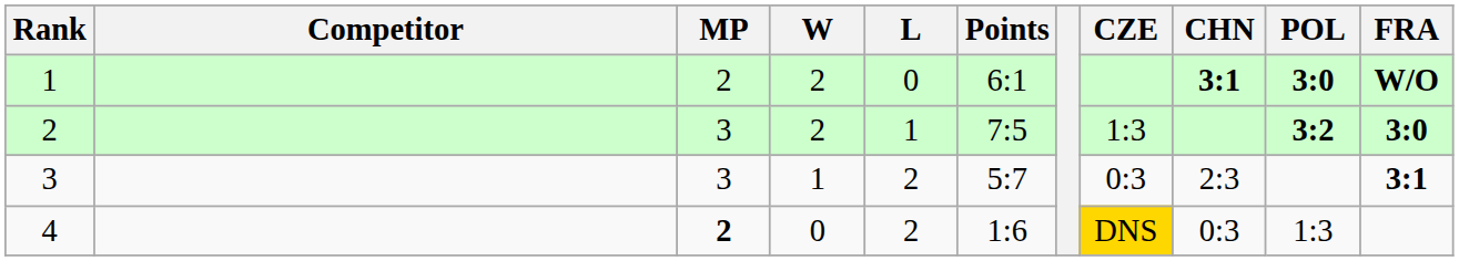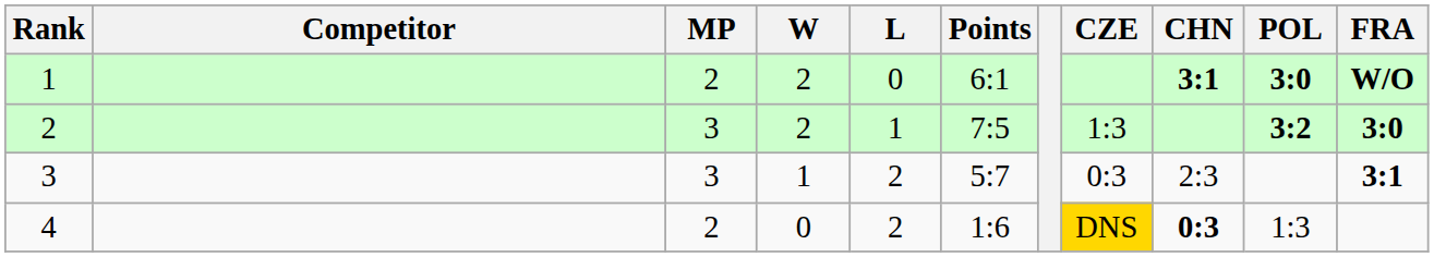 <table class="wikitable" style="text-align:center">
 <tr>
 <th>Rank</th>
 <th style="width:18em">Competitor</th>
 <th style="width:2.5em">MP</th>
 <th style="width:2.5em">W</th>
 <th style="width:2.5em">L</th>
 <th>Points</th>
 <th rowspan="5"> </th>
 <th style="width:2.5em">CZE</th>
 <th style="width:2.5em">CHN</th>
 <th style="width:2.5em">POL</th>
 <th style="width:2.5em">FRA</th>
 </tr>
 <tr style="background:#cfc;">
 <td>1</td>
 <td style="text-align:left"></td>
 <td>2</td>
 <td>2</td>
 <td>0</td>
 <td>6:1</td>
 <td></td>
 <td><strong>3:1</strong></td>
 <td><strong>3:0</strong></td>
 <td><strong>W/O</strong></td>
 </tr>
 <tr style="background:#cfc;">
 <td>2</td>
 <td style="text-align:left"></td>
 <td>3</td>
 <td>2</td>
 <td>1</td>
 <td>7:5</td>
 <td>1:3</td>
 <td></td>
 <td><strong>3:2</strong></td>
 <td><strong>3:0</strong></td>
 </tr>
 <tr>
 <td>3</td>
 <td style="text-align:left"></td>
 <td>3</td>
 <td>1</td>
 <td>2</td>
 <td>5:7</td>
 <td>0:3</td>
 <td>2:3</td>
 <td></td>
 <td><strong>3:1</strong></td>
 </tr>
 <tr>
 <td>4</td>
 <td style="text-align:left"></td>
-<td><strong>2</strong></td>
+<td>2</td>
 <td>0</td>
 <td>2</td>
 <td>1:6</td>
 <td style="background: gold;">DNS</td>
-<td>0:3</td>
+<td><strong>0:3</strong></td>
 <td>1:3</td>
 <td></td>
 </tr>
 </table>
